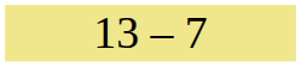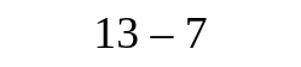 <table style="text-align:center">
 <tr>
 <th width=200></th>
 <th width=100></th>
 <th width=200></th>
 </tr>
 <tr>
 <td align=right><strong></strong></td>
-<td style="background: khaki;">13 – 7</td>
+<td>13 – 7</td>
 <td align=left></td>
 </tr>
 </table>
